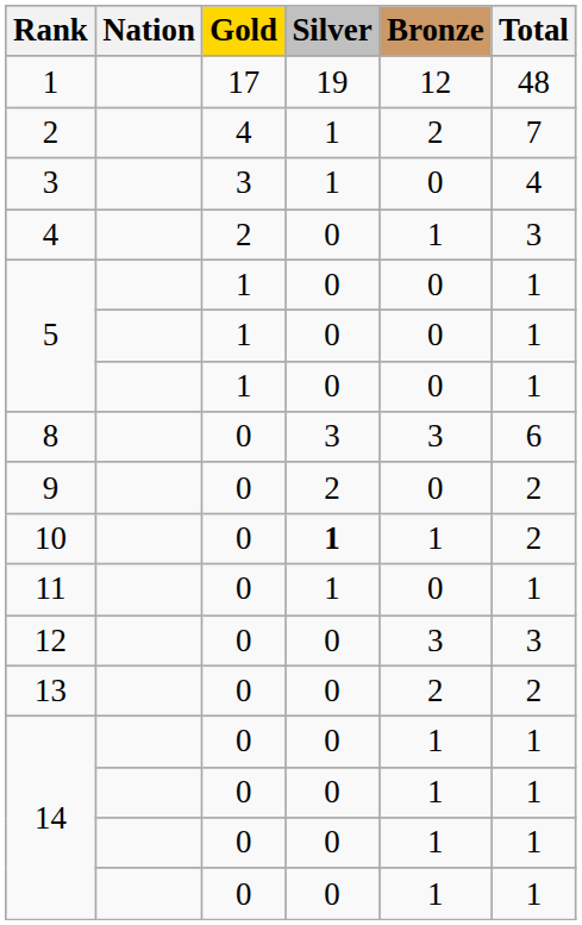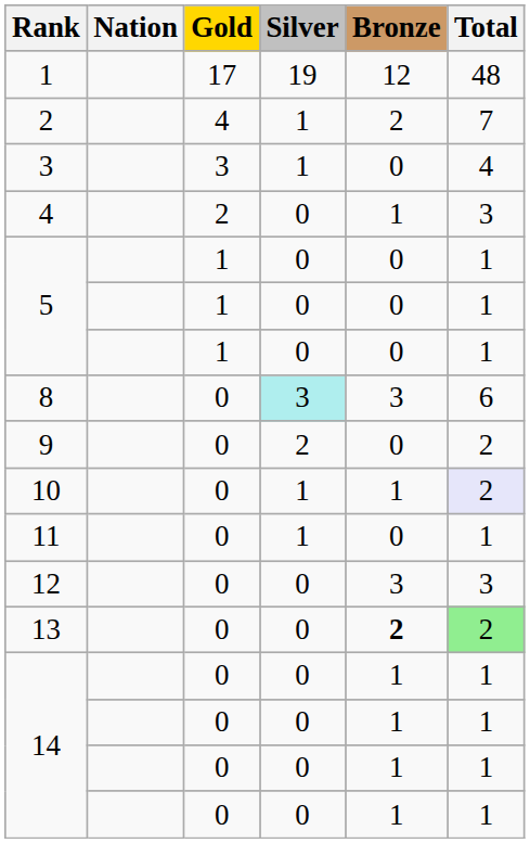 <table class="wikitable sortable" style="text-align:center">
 <tr>
 <th>Rank</th>
 <th>Nation</th>
 <th style="background-color:gold">Gold</th>
 <th style="background-color:silver">Silver</th>
 <th style="background-color:#cc9966">Bronze</th>
 <th>Total</th>
 </tr>
 <tr>
 <td>1</td>
 <td align=left></td>
 <td>17</td>
 <td>19</td>
 <td>12</td>
 <td>48</td>
 </tr>
 <tr>
 <td>2</td>
 <td align=left></td>
 <td>4</td>
 <td>1</td>
 <td>2</td>
 <td>7</td>
 </tr>
 <tr>
 <td>3</td>
 <td align=left></td>
 <td>3</td>
 <td>1</td>
 <td>0</td>
 <td>4</td>
 </tr>
 <tr>
 <td>4</td>
 <td align=left></td>
 <td>2</td>
 <td>0</td>
 <td>1</td>
 <td>3</td>
 </tr>
 <tr>
 <td rowspan=3>5</td>
 <td align=left></td>
 <td>1</td>
 <td>0</td>
 <td>0</td>
 <td>1</td>
 </tr>
 <tr>
 <td align=left></td>
 <td>1</td>
 <td>0</td>
 <td>0</td>
 <td>1</td>
 </tr>
 <tr>
 <td align=left></td>
 <td>1</td>
 <td>0</td>
 <td>0</td>
 <td>1</td>
 </tr>
 <tr>
 <td>8</td>
 <td align=left></td>
 <td>0</td>
-<td>3</td>
+<td style="background: paleturquoise;">3</td>
 <td>3</td>
 <td>6</td>
 </tr>
 <tr>
 <td>9</td>
 <td align=left></td>
 <td>0</td>
 <td>2</td>
 <td>0</td>
 <td>2</td>
 </tr>
 <tr>
 <td>10</td>
 <td align=left></td>
 <td>0</td>
-<td><strong>1</strong></td>
 <td>1</td>
-<td>2</td>
+<td>1</td>
+<td style="background: lavender;">2</td>
 </tr>
 <tr>
 <td>11</td>
 <td align=left></td>
 <td>0</td>
 <td>1</td>
 <td>0</td>
 <td>1</td>
 </tr>
 <tr>
 <td>12</td>
 <td align=left></td>
 <td>0</td>
 <td>0</td>
 <td>3</td>
 <td>3</td>
 </tr>
 <tr>
 <td>13</td>
 <td align=left></td>
 <td>0</td>
 <td>0</td>
-<td>2</td>
-<td>2</td>
+<td><strong>2</strong></td>
+<td style="background: lightgreen;">2</td>
 </tr>
 <tr>
 <td rowspan=4>14</td>
 <td align=left></td>
 <td>0</td>
 <td>0</td>
 <td>1</td>
 <td>1</td>
 </tr>
 <tr>
 <td align=left></td>
 <td>0</td>
 <td>0</td>
 <td>1</td>
 <td>1</td>
 </tr>
 <tr>
 <td align=left></td>
 <td>0</td>
 <td>0</td>
 <td>1</td>
 <td>1</td>
 </tr>
 <tr>
 <td align=left></td>
 <td>0</td>
 <td>0</td>
 <td>1</td>
 <td>1</td>
 </tr>
 </table>
